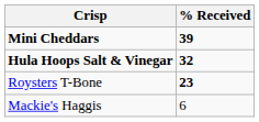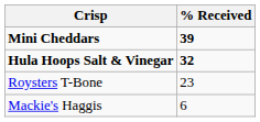 <table class="wikitable">
 <tr>
 <th>Crisp</th>
 <th>% Received</th>
 </tr>
 <tr>
 <td><strong>Mini Cheddars</strong></td>
 <td><strong>39</strong></td>
 </tr>
 <tr>
 <td><strong>Hula Hoops Salt & Vinegar</strong></td>
 <td><strong>32</strong></td>
 </tr>
 <tr>
 <td><a href='#'>Roysters</a> T-Bone</td>
-<td><strong>23</strong></td>
+<td>23</td>
 </tr>
 <tr>
 <td><a href='#'>Mackie's</a> Haggis</td>
 <td>6</td>
 </tr>
 </table>
